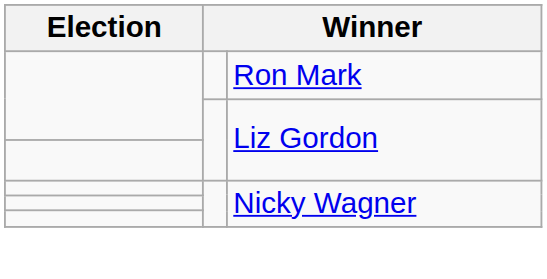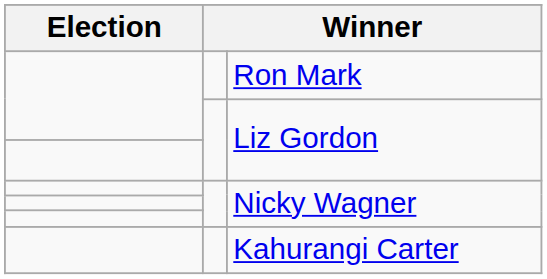 <table class=wikitable>
 <tr>
 <th width=100>Election</th>
 <th width=175 colspan=2>Winner</th>
 </tr>
 <tr>
 <td rowspan=2></td>
 <td width=5 bgcolor=></td>
 <td><a href='#'>Ron Mark</a></td>
 </tr>
 <tr>
 <td height=15 style="border-bottom:solid 0 grey; background:"></td>
 <td rowspan=2><a href='#'>Liz Gordon</a></td>
 </tr>
 <tr>
 <td></td>
 <td height=15 style="border-top:solid 0 grey; background:"></td>
 </tr>
 <tr>
 <td></td>
 <td rowspan=3 bgcolor=></td>
 <td rowspan=3><a href='#'>Nicky Wagner</a></td>
 </tr>
 <tr>
 <td></td>
 </tr>
 <tr>
 <td></td>
 </tr>
+<tr>
+<td></td>
+<td bgcolor=></td>
+<td><a href='#'>Kahurangi Carter</a></td>
+</tr>
 </table>
